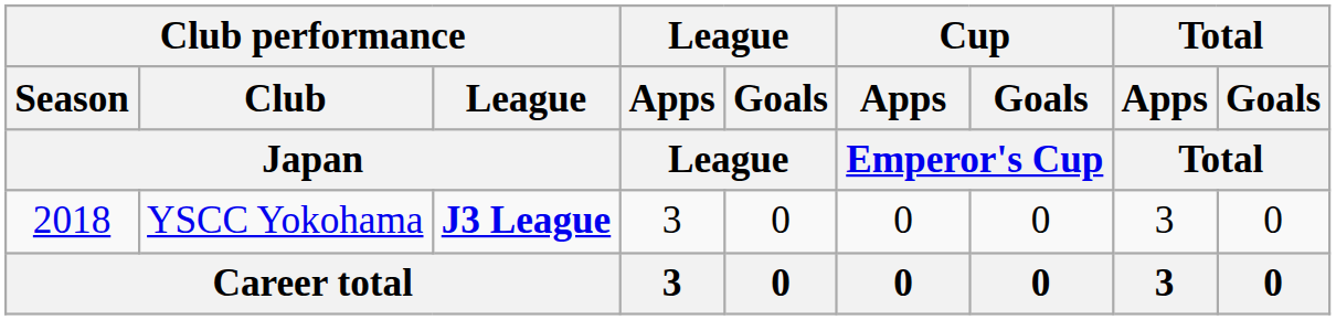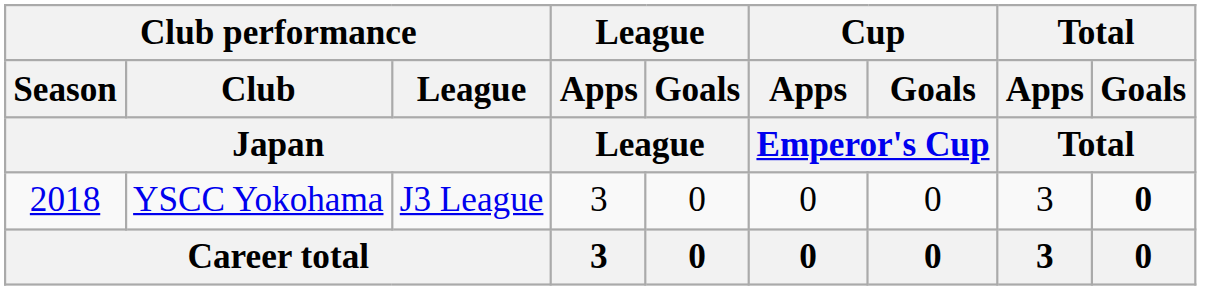 <table class="wikitable" style="text-align:center">
 <tr>
 <th colspan=3>Club performance</th>
 <th colspan=2>League</th>
 <th colspan=2>Cup</th>
 <th colspan=2>Total</th>
 </tr>
 <tr>
 <th>Season</th>
 <th>Club</th>
 <th>League</th>
 <th>Apps</th>
 <th>Goals</th>
 <th>Apps</th>
 <th>Goals</th>
 <th>Apps</th>
 <th>Goals</th>
 </tr>
 <tr>
 <th colspan=3>Japan</th>
 <th colspan=2>League</th>
 <th colspan=2><a href='#'>Emperor's Cup</a></th>
 <th colspan=2>Total</th>
 </tr>
 <tr>
 <td><a href='#'>2018</a></td>
 <td rowspan="1"><a href='#'>YSCC Yokohama</a></td>
-<td rowspan="1"><strong><a href='#'>J3 League</a></strong></td>
+<td rowspan="1"><a href='#'>J3 League</a></td>
 <td>3</td>
 <td>0</td>
 <td>0</td>
 <td>0</td>
 <td>3</td>
-<td>0</td>
+<td><strong>0</strong></td>
 </tr>
 <tr>
 <th colspan=3>Career total</th>
 <th>3</th>
 <th>0</th>
 <th>0</th>
 <th>0</th>
 <th>3</th>
 <th>0</th>
 </tr>
 </table>
